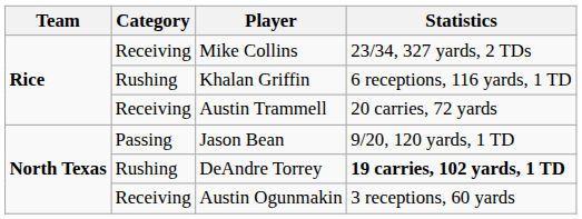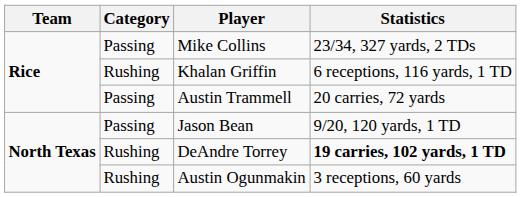 <table class="wikitable" style="float: left;">
 <tr>
 <th>Team</th>
 <th>Category</th>
 <th>Player</th>
 <th>Statistics</th>
 </tr>
 <tr>
 <td rowspan=3><strong>Rice</strong></td>
-<td>Receiving</td>
+<td>Passing</td>
 <td>Mike Collins</td>
 <td>23/34, 327 yards, 2 TDs</td>
 </tr>
 <tr>
 <td>Rushing</td>
 <td>Khalan Griffin</td>
 <td>6 receptions, 116 yards, 1 TD</td>
 </tr>
 <tr>
-<td>Receiving</td>
+<td>Passing</td>
 <td>Austin Trammell</td>
 <td>20 carries, 72 yards</td>
 </tr>
 <tr>
 <td rowspan=3><strong>North Texas</strong></td>
 <td>Passing</td>
 <td>Jason Bean</td>
 <td>9/20, 120 yards, 1 TD</td>
 </tr>
 <tr>
 <td>Rushing</td>
 <td>DeAndre Torrey</td>
 <td><strong>19 carries, 102 yards, 1 TD</strong></td>
 </tr>
 <tr>
-<td>Receiving</td>
+<td>Rushing</td>
 <td>Austin Ogunmakin</td>
 <td>3 receptions, 60 yards</td>
 </tr>
 </table>
